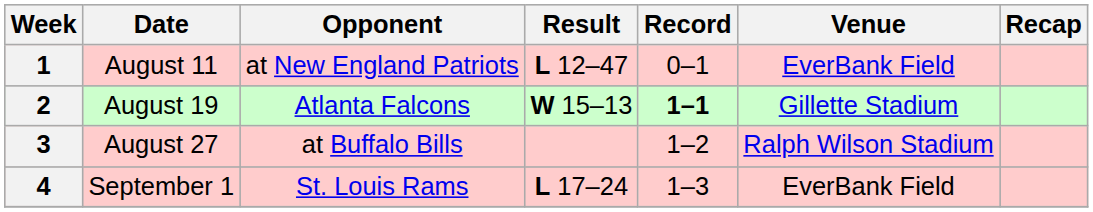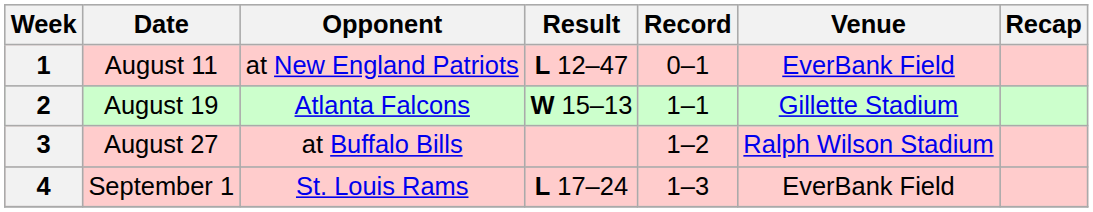 <table class="wikitable" style="text-align:center">
 <tr>
 <th>Week</th>
 <th>Date</th>
 <th>Opponent</th>
 <th>Result</th>
 <th>Record</th>
 <th>Venue</th>
 <th>Recap</th>
 </tr>
 <tr style="background:#fcc">
 <th>1</th>
 <td>August 11</td>
 <td>at <a href='#'>New England Patriots</a></td>
 <td><strong>L</strong> 12–47</td>
 <td>0–1</td>
 <td><a href='#'>EverBank Field</a></td>
 <td></td>
 </tr>
 <tr style="background:#cfc;">
 <th>2</th>
 <td>August 19</td>
 <td><a href='#'>Atlanta Falcons</a></td>
 <td><strong>W</strong> 15–13</td>
-<td><strong>1–1</strong></td>
+<td>1–1</td>
 <td><a href='#'>Gillette Stadium</a></td>
 <td></td>
 </tr>
 <tr style="background:#fcc">
 <th>3</th>
 <td>August 27</td>
 <td>at <a href='#'>Buffalo Bills</a></td>
 <td></td>
 <td>1–2</td>
 <td><a href='#'>Ralph Wilson Stadium</a></td>
 <td></td>
 </tr>
 <tr style="background:#fcc">
 <th>4</th>
 <td>September 1</td>
 <td><a href='#'>St. Louis Rams</a></td>
 <td><strong>L</strong> 17–24</td>
 <td>1–3</td>
 <td>EverBank Field</td>
 <td></td>
 </tr>
 <tr>
 </tr>
 </table>
